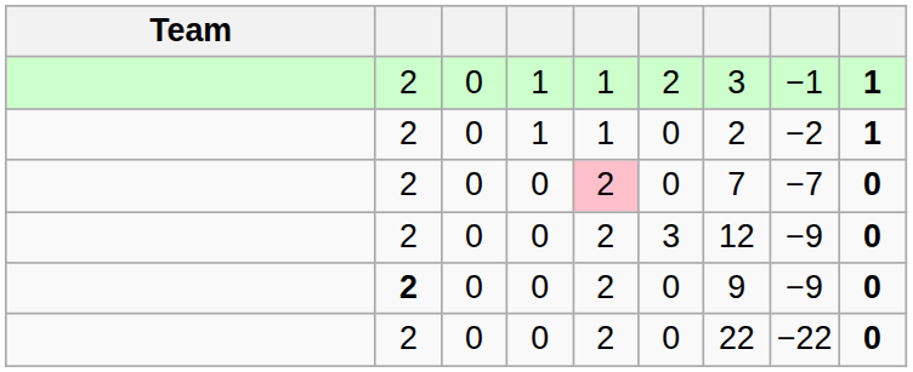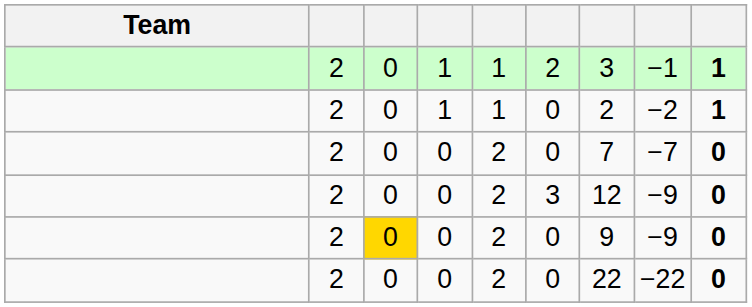 <table class="wikitable" style="text-align:center;">
 <tr>
 <th width=175>Team</th>
 <th width=25></th>
 <th width=25></th>
 <th width=25></th>
 <th width=25></th>
 <th width=25></th>
 <th width=25></th>
 <th width=25></th>
 <th width=25></th>
 </tr>
 <tr bgcolor=#ccffcc align=center>
 <td style="text-align:left;"></td>
 <td>2</td>
 <td>0</td>
 <td>1</td>
 <td>1</td>
 <td>2</td>
 <td>3</td>
 <td>−1</td>
 <td><strong>1</strong></td>
 </tr>
 <tr align=center>
 <td style="text-align:left;"></td>
 <td>2</td>
 <td>0</td>
 <td>1</td>
 <td>1</td>
 <td>0</td>
 <td>2</td>
 <td>−2</td>
 <td><strong>1</strong></td>
 </tr>
 <tr align=center>
 <td style="text-align:left;"></td>
 <td>2</td>
 <td>0</td>
 <td>0</td>
-<td style="background: pink;">2</td>
+<td>2</td>
 <td>0</td>
 <td>7</td>
 <td>−7</td>
 <td><strong>0</strong></td>
 </tr>
 <tr align=center>
 <td style="text-align:left;"></td>
 <td>2</td>
 <td>0</td>
 <td>0</td>
 <td>2</td>
 <td>3</td>
 <td>12</td>
 <td>−9</td>
 <td><strong>0</strong></td>
 </tr>
 <tr align=center>
 <td style="text-align:left;"></td>
-<td><strong>2</strong></td>
-<td>0</td>
+<td>2</td>
+<td style="background: gold;">0</td>
 <td>0</td>
 <td>2</td>
 <td>0</td>
 <td>9</td>
 <td>−9</td>
 <td><strong>0</strong></td>
 </tr>
 <tr align=center>
 <td style="text-align:left;"></td>
 <td>2</td>
 <td>0</td>
 <td>0</td>
 <td>2</td>
 <td>0</td>
 <td>22</td>
 <td>−22</td>
 <td><strong>0</strong></td>
 </tr>
 </table>
